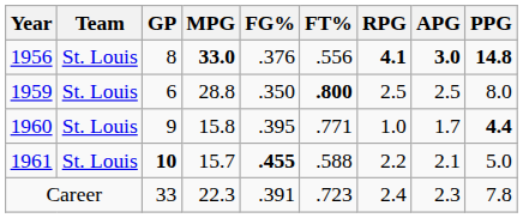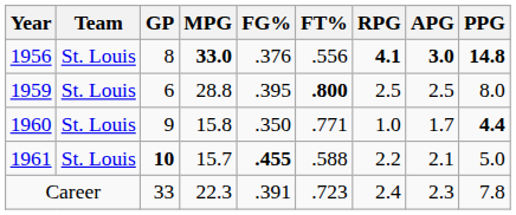 <table class="wikitable sortable" style="font-size:95%; text-align:right;">
 <tr>
 <th>Year</th>
 <th>Team</th>
 <th>GP</th>
 <th>MPG</th>
 <th>FG%</th>
 <th>FT%</th>
 <th>RPG</th>
 <th>APG</th>
 <th>PPG</th>
 </tr>
 <tr>
 <td style="text-align:left;"><a href='#'>1956</a></td>
 <td style="text-align:left;"><a href='#'>St. Louis</a></td>
 <td>8</td>
 <td><strong>33.0</strong></td>
 <td>.376</td>
 <td>.556</td>
 <td><strong>4.1</strong></td>
 <td><strong>3.0</strong></td>
 <td><strong>14.8</strong></td>
 </tr>
 <tr>
 <td style="text-align:left;"><a href='#'>1959</a></td>
 <td style="text-align:left;"><a href='#'>St. Louis</a></td>
 <td>6</td>
 <td>28.8</td>
-<td>.350</td>
+<td>.395</td>
 <td><strong>.800</strong></td>
 <td>2.5</td>
 <td>2.5</td>
 <td>8.0</td>
 </tr>
 <tr>
 <td style="text-align:left;"><a href='#'>1960</a></td>
 <td style="text-align:left;"><a href='#'>St. Louis</a></td>
 <td>9</td>
 <td>15.8</td>
-<td>.395</td>
+<td>.350</td>
 <td>.771</td>
 <td>1.0</td>
 <td>1.7</td>
 <td><strong>4.4</strong></td>
 </tr>
 <tr>
 <td style="text-align:left;"><a href='#'>1961</a></td>
 <td style="text-align:left;"><a href='#'>St. Louis</a></td>
 <td><strong>10</strong></td>
 <td>15.7</td>
 <td><strong>.455</strong></td>
 <td>.588</td>
 <td>2.2</td>
 <td>2.1</td>
 <td>5.0</td>
 </tr>
 <tr class="sortbottom">
 <td style="text-align:center;" colspan="2">Career</td>
 <td>33</td>
 <td>22.3</td>
 <td>.391</td>
 <td>.723</td>
 <td>2.4</td>
 <td>2.3</td>
 <td>7.8</td>
 </tr>
 </table>
